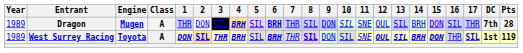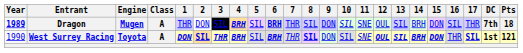 <table class="wikitable" style="text-align:center; font-size:85%">
 <tr>
 <th>Year</th>
 <th>Entrant</th>
 <th>Engine</th>
 <th>Class</th>
 <th>1</th>
 <th>2</th>
 <th>3</th>
 <th>4</th>
 <th>5</th>
 <th>6</th>
 <th>7</th>
 <th>8</th>
 <th>9</th>
 <th>10</th>
 <th>11</th>
 <th>12</th>
 <th>13</th>
 <th>14</th>
 <th>15</th>
 <th>16</th>
 <th>17</th>
 <th>DC</th>
 <th>Pts</th>
 </tr>
 <tr>
-<td><a href='#'>1989</a></td>
+<td><strong><a href='#'>1989</a></strong></td>
 <th>Dragon</th>
 <th><a href='#'>Mugen</a></th>
 <th>A</th>
 <td style="background:#CFCFFF;"><a href='#'>THR</a><br></td>
 <td style="background:#FFFFFF;"><a href='#'>DON</a><br></td>
 <td style="background:#000000; color:#ffffff"><a href='#'><span>SIL</span></a><br></td>
 <td style="background:#FFDF9F;"><strong><em><a href='#'>BRH</a></em></strong><br></td>
 <td style="background:#EFCFFF;"><a href='#'>SIL</a><br></td>
 <td style="background:#DFDFDF;"><strong><a href='#'>BRH</a></strong><br></td>
 <td style="background:#CFCFFF;"><a href='#'>THR</a><br></td>
 <td style="background:#CFCFFF;"><a href='#'>SIL</a><br></td>
 <td style="background:#CFCFFF;"><a href='#'>DON</a><br></td>
 <td style="background:#DFFFDF;"><em><a href='#'>SIL</a></em><br></td>
 <td style="background:#DFFFDF;"><a href='#'>SNE</a><br></td>
 <td style="background:#DFFFDF;"><a href='#'>OUL</a><br></td>
 <td style="background:#CFCFFF;"><a href='#'>SIL</a><br></td>
 <td style="background:#DFFFDF;"><a href='#'>BRH</a><br></td>
 <td style="background:#EFCFFF;"><a href='#'>DON</a><br></td>
 <td style="background:#CFCFFF;"><a href='#'>SIL</a><br></td>
 <td style="background:#CFCFFF;"><a href='#'>THR</a><br></td>
 <th>7th</th>
-<th>28</th>
+<th>18</th>
 </tr>
 <tr>
-<td><a href='#'>1989</a></td>
+<td><a href='#'>1990</a></td>
 <th nowrap><a href='#'>West Surrey Racing</a></th>
 <th><a href='#'>Toyota</a></th>
 <th>A</th>
 <td style="background:#FFFFBF;"><strong><em><a href='#'>DON</a></em></strong><br></td>
 <td style="background:#FFDF9F;"><strong><a href='#'>SIL</a></strong><br></td>
 <td style="background:#FFFFBF;"><strong><em><a href='#'>THR</a></em></strong><br></td>
 <td style="background:#FFFFBF;"><strong><em><a href='#'>BRH</a></em></strong><br></td>
 <td style="background:#DFDFDF;"><a href='#'>SIL</a><br></td>
 <td style="background:#DFDFDF;"><strong><em><a href='#'>BRH</a></em></strong><br></td>
 <td style="background:#DFDFDF;"><em><a href='#'>THR</a></em><br></td>
 <td style="background:#EFCFFF;"><strong><a href='#'>SIL</a></strong><br></td>
 <td style="background:#DFFFDF;"><a href='#'>DON</a><br></td>
 <td style="background:#DFDFDF;"><a href='#'>SIL</a><br></td>
 <td style="background:#FFFFBF;"><em><a href='#'>SNE</a></em><br></td>
 <td style="background:#FFFFBF;"><strong><em><a href='#'>OUL</a></em></strong><br></td>
 <td style="background:#FFFFBF;"><strong><em><a href='#'>SIL</a></em></strong><br></td>
 <td style="background:#FFFFBF;"><strong><em><a href='#'>BRH</a></em></strong><br></td>
 <td style="background:#FFFFBF;"><strong><em><a href='#'>DON</a></em></strong><br></td>
 <td style="background:#DFDFDF;"><a href='#'>THR</a><br></td>
 <td style="background:#FFFFBF;"><strong><a href='#'>SIL</a></strong><br></td>
 <td style="background:#FFFFBF;"><strong>1st</strong></td>
-<td style="background:#FFFFBF;"><strong>119</strong></td>
+<td style="background:#FFFFBF;"><strong>121</strong></td>
 </tr>
 <tr>
 <th colspan="23"></th>
 </tr>
 </table>
